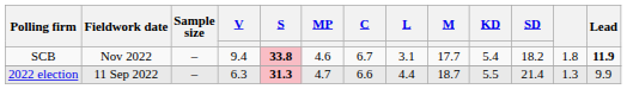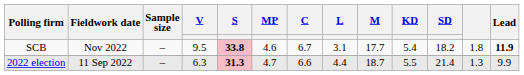 <table class="wikitable sortable" style="text-align:center;font-size:90%;line-height:14px;">
 <tr style="height:40px;">
 <th rowspan="2">Polling firm</th>
 <th rowspan="2">Fieldwork date</th>
 <th rowspan="2">Sample<br>size</th>
 <th class="sortable" style="width:40px;"><a href='#'>V</a></th>
 <th class="sortable" style="width:40px;"><a href='#'>S</a></th>
 <th class="sortable" style="width:40px;"><a href='#'>MP</a></th>
 <th class="sortable" style="width:40px;"><a href='#'>C</a></th>
 <th class="sortable" style="width:40px;"><a href='#'>L</a></th>
 <th class="sortable" style="width:40px;"><a href='#'>M</a></th>
 <th class="sortable" style="width:40px;"><a href='#'>KD</a></th>
 <th class="sortable" style="width:40px;"><a href='#'>SD</a></th>
 <th class="sortable" style="width:30px;" rowspan="2"></th>
 <th style="width:30px;" rowspan="2">Lead</th>
 </tr>
 <tr>
 <th style="background:"></th>
 <th style="background:"></th>
 <th style="background:"></th>
 <th style="background:"></th>
 <th style="background:"></th>
 <th style="background:"></th>
 <th style="background:"></th>
 <th style="background:"></th>
 </tr>
 <tr>
 <td>SCB</td>
 <td>Nov 2022</td>
 <td>–</td>
-<td>9.4</td>
+<td>9.5</td>
 <td style="background:#F9BDC5;"><strong>33.8</strong></td>
 <td>4.6</td>
 <td>6.7</td>
 <td>3.1</td>
 <td>17.7</td>
 <td>5.4</td>
 <td>18.2</td>
 <td>1.8</td>
 <td style="background:"><strong>11.9</strong></td>
 </tr>
 <tr>
 </tr>
 <tr style="background:#E9E9E9;">
 <td><a href='#'>2022 election</a></td>
 <td data-sort-value="2018-09-09">11 Sep 2022</td>
 <td>–</td>
 <td>6.3</td>
 <td style="background:#F9BDC5;"><strong>31.3</strong></td>
 <td>4.7</td>
 <td>6.6</td>
 <td>4.4</td>
 <td>18.7</td>
 <td>5.5</td>
 <td>21.4</td>
 <td>1.3</td>
 <td style="background:">9.9</td>
 </tr>
 </table>
